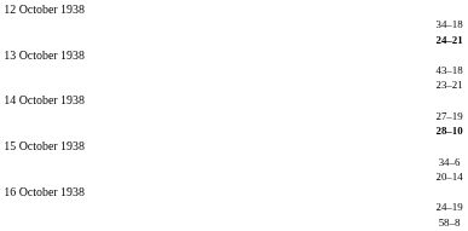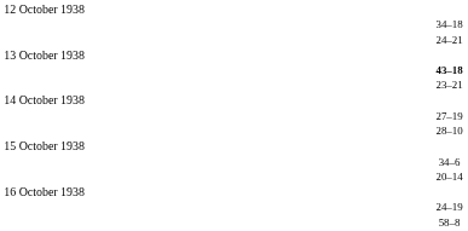 <table style="width:100%;" cellspacing="1">
 <tr>
 <th width=25%></th>
 <th width=2%></th>
 <th width=6%></th>
 <th width=2%></th>
 <th width=25%></th>
 </tr>
 <tr>
 <td>12 October 1938</td>
 </tr>
 <tr style=font-size:90%>
 <td align=right></td>
 <td></td>
 <td align=center>34–18</td>
 <td></td>
 <td></td>
 <td></td>
 </tr>
 <tr style=font-size:90%>
 <td align=right></td>
 <td></td>
-<td align=center><strong>24–21</strong></td>
+<td align=center>24–21</td>
 <td></td>
 <td></td>
 <td></td>
 </tr>
 <tr>
 <td>13 October 1938</td>
 </tr>
 <tr style=font-size:90%>
 <td align=right></td>
 <td></td>
-<td align=center>43–18</td>
+<td align=center><strong>43–18</strong></td>
 <td></td>
 <td></td>
 <td></td>
 </tr>
 <tr style=font-size:90%>
 <td align=right></td>
 <td></td>
 <td align=center>23–21</td>
 <td></td>
 <td></td>
 <td></td>
 </tr>
 <tr>
 <td>14 October 1938</td>
 </tr>
 <tr style=font-size:90%>
 <td align=right></td>
 <td></td>
 <td align=center>27–19</td>
 <td></td>
 <td></td>
 <td></td>
 </tr>
 <tr style=font-size:90%>
 <td align=right></td>
 <td></td>
-<td align=center><strong>28–10</strong></td>
+<td align=center>28–10</td>
 <td></td>
 <td></td>
 <td></td>
 </tr>
 <tr>
 <td>15 October 1938</td>
 </tr>
 <tr style=font-size:90%>
 <td align=right></td>
 <td></td>
 <td align=center>34–6</td>
 <td></td>
 <td></td>
 <td></td>
 </tr>
 <tr style=font-size:90%>
 <td align=right></td>
 <td></td>
 <td align=center>20–14</td>
 <td></td>
 <td></td>
 <td></td>
 </tr>
 <tr>
 <td>16 October 1938</td>
 </tr>
 <tr style=font-size:90%>
 <td align=right></td>
 <td></td>
 <td align=center>24–19</td>
 <td></td>
 <td></td>
 <td></td>
 </tr>
 <tr style=font-size:90%>
 <td align=right></td>
 <td></td>
 <td align=center>58–8</td>
 <td></td>
 <td></td>
 <td></td>
 </tr>
 </table>
